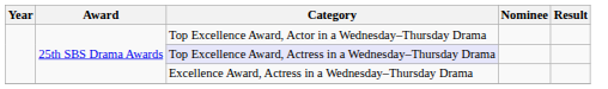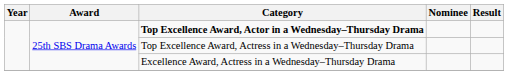 <table class="wikitable">
 <tr>
 <th>Year</th>
 <th>Award</th>
 <th>Category</th>
 <th>Nominee</th>
 <th>Result</th>
 </tr>
 <tr>
 <td rowspan="3"></td>
 <td rowspan="3"><a href='#'>25th SBS Drama Awards</a></td>
-<td>Top Excellence Award, Actor in a Wednesday–Thursday Drama</td>
+<td><strong>Top Excellence Award, Actor in a Wednesday–Thursday Drama</strong></td>
 <td></td>
 <td></td>
 </tr>
 <tr>
-<td style="background: lavender;">Top Excellence Award, Actress in a Wednesday–Thursday Drama</td>
+<td>Top Excellence Award, Actress in a Wednesday–Thursday Drama</td>
 <td></td>
 <td></td>
 </tr>
 <tr>
 <td>Excellence Award, Actress in a Wednesday–Thursday Drama</td>
 <td></td>
 <td></td>
 </tr>
 <tr>
 </tr>
 </table>
